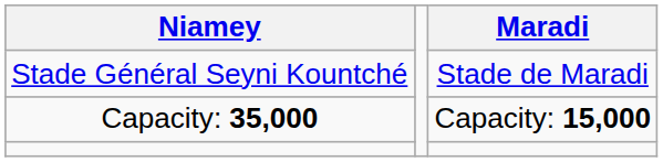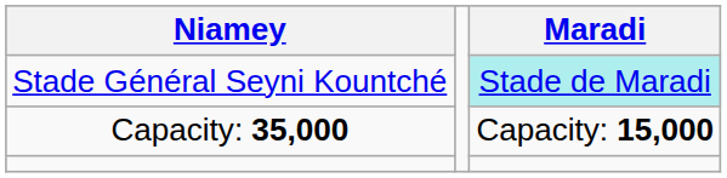 <table class="wikitable" style="margin:1em auto; text-align:center">
 <tr>
 <th><a href='#'>Niamey</a></th>
 <td rowspan="4"></td>
 <th><a href='#'>Maradi</a></th>
 </tr>
 <tr>
 <td><a href='#'>Stade Général Seyni Kountché</a></td>
-<td><a href='#'>Stade de Maradi</a></td>
+<td style="background: paleturquoise;"><a href='#'>Stade de Maradi</a></td>
 </tr>
 <tr>
 <td>Capacity: <strong>35,000</strong></td>
 <td>Capacity: <strong>15,000</strong></td>
 </tr>
 <tr>
 <td></td>
 <td></td>
 </tr>
 </table>
